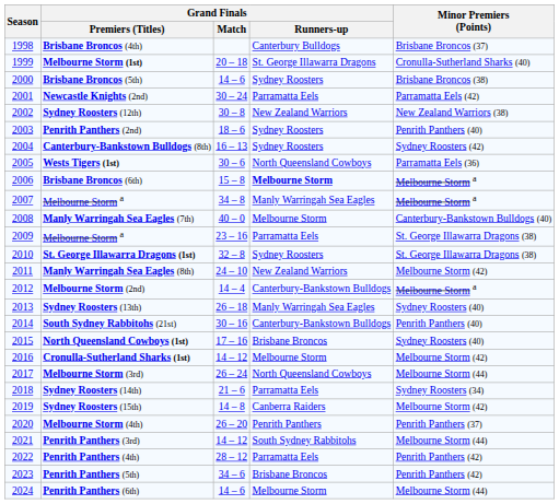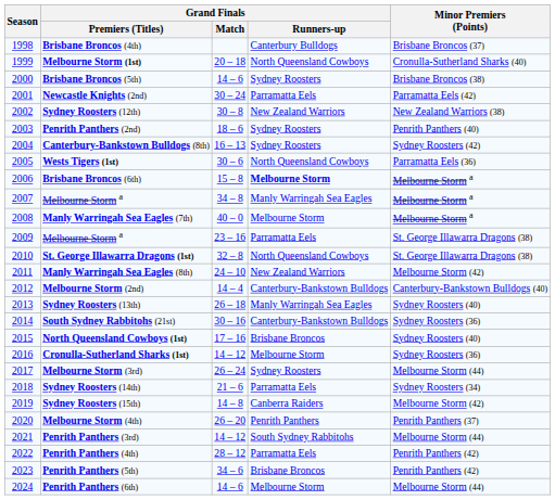 <table class="wikitable">
 <tr>
 <th rowspan="2">Season</th>
 <th colspan="3">Grand Finals</th>
 <th rowspan="2">Minor Premiers<br>(Points)</th>
 </tr>
 <tr>
 <th>Premiers (Titles)</th>
 <th>Match</th>
 <th>Runners-up</th>
 </tr>
 <tr style="background:#f5faff;">
 <td style="text-align:center;"><a href='#'>1998</a></td>
 <td> <strong><a href='#'>Brisbane Broncos</a></strong> <small>(4th)</small></td>
 <td style="text-align:center;"></td>
 <td style="text-align:left;"> <a href='#'>Canterbury Bulldogs</a></td>
 <td style="text-align:left;"> <a href='#'>Brisbane Broncos</a> <small>(37)</small></td>
 </tr>
 <tr style="background:#f5faff;">
 <td style="text-align:center;"><a href='#'>1999</a></td>
 <td> <strong><a href='#'>Melbourne Storm</a></strong> <small><strong>(1st)</strong></small></td>
 <td style="text-align:center;"><a href='#'>20 – 18</a></td>
-<td style="text-align:left;"> <a href='#'>St. George Illawarra Dragons</a></td>
+<td style="text-align:left;"> <a href='#'>North Queensland Cowboys</a></td>
 <td style="text-align:left;"> <a href='#'>Cronulla-Sutherland Sharks</a> <small>(40)</small></td>
 </tr>
 <tr style="background:#f5faff;">
 <td style="text-align:center;"><a href='#'>2000</a></td>
 <td> <strong><a href='#'>Brisbane Broncos</a></strong> <small>(5th)</small></td>
 <td style="text-align:center;"><a href='#'>14 – 6</a></td>
 <td style="text-align:left;"> <a href='#'>Sydney Roosters</a></td>
 <td style="text-align:left;"> <a href='#'>Brisbane Broncos</a> <small>(38)</small></td>
 </tr>
 <tr style="background:#f5faff;">
 <td style="text-align:center;"><a href='#'>2001</a></td>
 <td> <strong><a href='#'>Newcastle Knights</a></strong> <small>(2nd)</small></td>
 <td style="text-align:center;"><a href='#'>30 – 24</a></td>
 <td style="text-align:left;"> <a href='#'>Parramatta Eels</a></td>
 <td style="text-align:left;"> <a href='#'>Parramatta Eels</a> <small>(42)</small></td>
 </tr>
 <tr style="background:#f5faff;">
 <td style="text-align:center;"><a href='#'>2002</a></td>
 <td> <strong><a href='#'>Sydney Roosters</a></strong> <small>(12th)</small></td>
 <td style="text-align:center;"><a href='#'>30 – 8</a></td>
 <td style="text-align:left;"> <a href='#'>New Zealand Warriors</a></td>
 <td style="text-align:left;"> <a href='#'>New Zealand Warriors</a> <small>(38)</small></td>
 </tr>
 <tr style="background:#f5faff;">
 <td style="text-align:center;"><a href='#'>2003</a></td>
 <td> <strong><a href='#'>Penrith Panthers</a></strong> <small>(2nd)</small></td>
 <td style="text-align:center;"><a href='#'>18 – 6</a></td>
 <td style="text-align:left;"> <a href='#'>Sydney Roosters</a></td>
 <td style="text-align:left;"> <a href='#'>Penrith Panthers</a> <small>(40)</small></td>
 </tr>
 <tr style="background:#f5faff;">
 <td style="text-align:center;"><a href='#'>2004</a></td>
 <td> <strong><a href='#'>Canterbury-Bankstown Bulldogs</a></strong> <small>(8th)</small></td>
 <td style="text-align:center;"><a href='#'>16 – 13</a></td>
 <td style="text-align:left;"> <a href='#'>Sydney Roosters</a></td>
 <td style="text-align:left;"> <a href='#'>Sydney Roosters</a> <small>(42)</small></td>
 </tr>
 <tr style="background:#f5faff;">
 <td style="text-align:center;"><a href='#'>2005</a></td>
 <td> <strong><a href='#'>Wests Tigers</a></strong> <small><strong>(1st)</strong></small></td>
 <td style="text-align:center;"><a href='#'>30 – 6</a></td>
 <td style="text-align:left;"> <a href='#'>North Queensland Cowboys</a></td>
 <td style="text-align:left;"> <a href='#'>Parramatta Eels</a> <small>(36)</small></td>
 </tr>
 <tr style="background:#f5faff;">
 <td style="text-align:center;"><a href='#'>2006</a></td>
 <td> <strong><a href='#'>Brisbane Broncos</a></strong> <small>(6th)</small></td>
 <td style="text-align:center;"><a href='#'>15 – 8</a></td>
 <td style="text-align:left;"><strong> <a href='#'>Melbourne Storm</a></strong></td>
 <td style="text-align:left;"> <s><a href='#'>Melbourne Storm</a></s> <sup>a</sup></td>
 </tr>
 <tr style="background:#f5faff;">
 <td style="text-align:center;"><a href='#'>2007</a></td>
 <td style="text-align:left;"> <s><a href='#'>Melbourne Storm</a></s> <sup>a</sup></td>
 <td style="text-align:center;"><a href='#'>34 – 8</a></td>
 <td style="text-align:left;"> <a href='#'>Manly Warringah Sea Eagles</a></td>
 <td style="text-align:left;"> <s><a href='#'>Melbourne Storm</a></s> <sup>a</sup></td>
 </tr>
 <tr style="background:#f5faff;">
 <td style="text-align:center;"><a href='#'>2008</a></td>
 <td> <strong><a href='#'>Manly Warringah Sea Eagles</a></strong> <small>(7th)</small></td>
 <td style="text-align:center;"><a href='#'>40 – 0</a></td>
 <td style="text-align:left;"> <a href='#'>Melbourne Storm</a></td>
-<td style="text-align:left;"> <a href='#'>Canterbury-Bankstown Bulldogs</a> <small>(40)</small></td>
+<td style="text-align:left;"> <s><a href='#'>Melbourne Storm</a></s> <sup>a</sup></td>
 </tr>
 <tr style="background:#f5faff;">
 <td style="text-align:center;"><a href='#'>2009</a></td>
 <td style="text-align:left;"> <s><a href='#'>Melbourne Storm</a></s> <sup>a</sup></td>
 <td style="text-align:center;"><a href='#'>23 – 16</a></td>
 <td style="text-align:left;"> <a href='#'>Parramatta Eels</a></td>
 <td style="text-align:left;"> <a href='#'>St. George Illawarra Dragons</a> <small>(38)</small></td>
 </tr>
 <tr style="background:#f5faff;">
 <td style="text-align:center;"><a href='#'>2010</a></td>
 <td> <strong><a href='#'>St. George Illawarra Dragons</a></strong> <small><strong>(1st)</strong></small></td>
 <td style="text-align:center;"><a href='#'>32 – 8</a></td>
-<td style="text-align:left;"> <a href='#'>Sydney Roosters</a></td>
+<td style="text-align:left;"> <a href='#'>North Queensland Cowboys</a></td>
 <td style="text-align:left;"> <a href='#'>St. George Illawarra Dragons</a> <small>(38)</small></td>
 </tr>
 <tr style="background:#f5faff;">
 <td style="text-align:center;"><a href='#'>2011</a></td>
 <td> <strong><a href='#'>Manly Warringah Sea Eagles</a></strong> <small>(8th)</small></td>
 <td style="text-align:center;"><a href='#'>24 – 10</a></td>
 <td style="text-align:left;"> <a href='#'>New Zealand Warriors</a></td>
 <td style="text-align:left;"> <a href='#'>Melbourne Storm</a> <small>(42)</small></td>
 </tr>
 <tr style="background:#f5faff;">
 <td style="text-align:center;"><a href='#'>2012</a></td>
 <td> <strong><a href='#'>Melbourne Storm</a></strong> <small>(2nd)</small></td>
 <td style="text-align:center;"><a href='#'>14 – 4</a></td>
 <td style="text-align:left;"> <a href='#'>Canterbury-Bankstown Bulldogs</a></td>
-<td style="text-align:left;"> <s><a href='#'>Melbourne Storm</a></s> <sup>a</sup></td>
+<td style="text-align:left;"> <a href='#'>Canterbury-Bankstown Bulldogs</a> <small>(40)</small></td>
 </tr>
 <tr style="background:#f5faff;">
 <td style="text-align:center;"><a href='#'>2013</a></td>
 <td> <strong><a href='#'>Sydney Roosters</a></strong> <small>(13th)</small></td>
 <td style="text-align:center;"><a href='#'>26 – 18</a></td>
 <td style="text-align:left;"> <a href='#'>Manly Warringah Sea Eagles</a></td>
 <td style="text-align:left;"> <a href='#'>Sydney Roosters</a> <small>(40)</small></td>
 </tr>
 <tr style="background:#f5faff;">
 <td style="text-align:center;"><a href='#'>2014</a></td>
 <td> <strong><a href='#'>South Sydney Rabbitohs</a></strong> <small>(21st)</small></td>
 <td style="text-align:center;"><a href='#'>30 – 16</a></td>
 <td style="text-align:left;"> <a href='#'>Canterbury-Bankstown Bulldogs</a></td>
-<td style="text-align:left;"> <a href='#'>Penrith Panthers</a> <small>(40)</small></td>
+<td style="text-align:left;"> <a href='#'>Sydney Roosters</a> <small>(36)</small></td>
 </tr>
 <tr style="background:#f5faff;">
 <td style="text-align:center;"><a href='#'>2015</a></td>
 <td> <strong><a href='#'>North Queensland Cowboys</a></strong> <small><strong>(1st)</strong></small></td>
 <td style="text-align:center;"><a href='#'>17 – 16</a></td>
 <td style="text-align:left;"> <a href='#'>Brisbane Broncos</a></td>
 <td style="text-align:left;"> <a href='#'>Sydney Roosters</a> <small>(40)</small></td>
 </tr>
 <tr style="background:#f5faff;">
 <td style="text-align:center;"><a href='#'>2016</a></td>
 <td> <strong><a href='#'>Cronulla-Sutherland Sharks</a></strong> <small><strong>(1st)</strong></small></td>
 <td style="text-align:center;"><a href='#'>14 – 12</a></td>
 <td style="text-align:left;"> <a href='#'>Melbourne Storm</a></td>
-<td style="text-align:left;"> <a href='#'>Melbourne Storm</a> <small>(42)</small></td>
+<td style="text-align:left;"> <a href='#'>Sydney Roosters</a> <small>(36)</small></td>
 </tr>
 <tr style="background:#f5faff;">
 <td style="text-align:center;"><a href='#'>2017</a></td>
 <td><strong> <a href='#'>Melbourne Storm</a></strong> <small>(3rd)</small></td>
 <td style="text-align:center;"><a href='#'>26 – 24</a></td>
-<td style="text-align:left;"> <a href='#'>North Queensland Cowboys</a></td>
+<td style="text-align:left;"> <a href='#'>Sydney Roosters</a></td>
 <td style="text-align:left;"> <a href='#'>Melbourne Storm</a> <small>(44)</small></td>
 </tr>
 <tr style="background:#f5faff;">
 <td style="text-align:center;"><a href='#'>2018</a></td>
 <td> <strong><a href='#'>Sydney Roosters</a></strong> <small>(14th)</small></td>
 <td style="text-align:center;"><a href='#'>21 – 6</a></td>
 <td style="text-align:left;"> <a href='#'>Parramatta Eels</a></td>
 <td style="text-align:left;"> <a href='#'>Sydney Roosters</a> <small>(34)</small></td>
 </tr>
 <tr style="background:#f5faff;">
 <td style="text-align:center;"><a href='#'>2019</a></td>
 <td> <strong><a href='#'>Sydney Roosters</a></strong> <small>(15th)</small></td>
 <td style="text-align:center;"><a href='#'>14 – 8</a></td>
 <td style="text-align:left;"> <a href='#'>Canberra Raiders</a></td>
 <td style="text-align:left;"> <a href='#'>Melbourne Storm</a> <small>(42)</small></td>
 </tr>
 <tr style="background:#f5faff;">
 <td style="text-align:center;"><a href='#'>2020</a></td>
 <td> <strong><a href='#'>Melbourne Storm</a></strong> <small>(4th)</small></td>
 <td style="text-align:center;"><a href='#'>26 – 20</a></td>
 <td style="text-align:left;"> <a href='#'>Penrith Panthers</a></td>
 <td style="text-align:left;"> <a href='#'>Penrith Panthers</a> <small>(37)</small></td>
 </tr>
 <tr style="background:#f5faff;">
 <td style="text-align:center;"><a href='#'>2021</a></td>
 <td> <strong><a href='#'>Penrith Panthers</a></strong> <small>(3rd)</small></td>
 <td style="text-align:center;"><a href='#'>14 – 12</a></td>
 <td style="text-align:left;"> <a href='#'>South Sydney Rabbitohs</a></td>
 <td style="text-align:left;"> <a href='#'>Melbourne Storm</a> <small>(44)</small></td>
 </tr>
 <tr style="background:#f5faff;">
 <td style="text-align:center;"><a href='#'>2022</a></td>
 <td style="text-align:left;"> <strong><a href='#'>Penrith Panthers</a></strong> <small>(4th)</small></td>
 <td style="text-align:center;"><a href='#'>28 – 12</a></td>
 <td style="text-align:left;"> <a href='#'>Parramatta Eels</a></td>
 <td style="text-align:left;"> <a href='#'>Penrith Panthers</a> <small>(42)</small></td>
 </tr>
 <tr style="background:#f5faff;">
 <td style="text-align:center;"><a href='#'>2023</a></td>
 <td> <strong><a href='#'>Penrith Panthers</a></strong> <small>(5th)</small></td>
 <td style="text-align:center;"><a href='#'>34 – 6</a></td>
 <td style="text-align:left;"> <a href='#'>Brisbane Broncos</a></td>
 <td style="text-align:left;"> <a href='#'>Penrith Panthers</a> <small>(42)</small></td>
 </tr>
 <tr style="background:#f5faff;">
 <td style="text-align:center;"><a href='#'>2024</a></td>
 <td> <strong><a href='#'>Penrith Panthers</a></strong> <small>(6th)</small></td>
 <td style="text-align:center;"><a href='#'>14 – 6</a></td>
 <td style="text-align:left;"> <a href='#'>Melbourne Storm</a></td>
 <td style="text-align:left;"> <a href='#'>Melbourne Storm</a> <small>(44)</small></td>
 </tr>
 </table>
